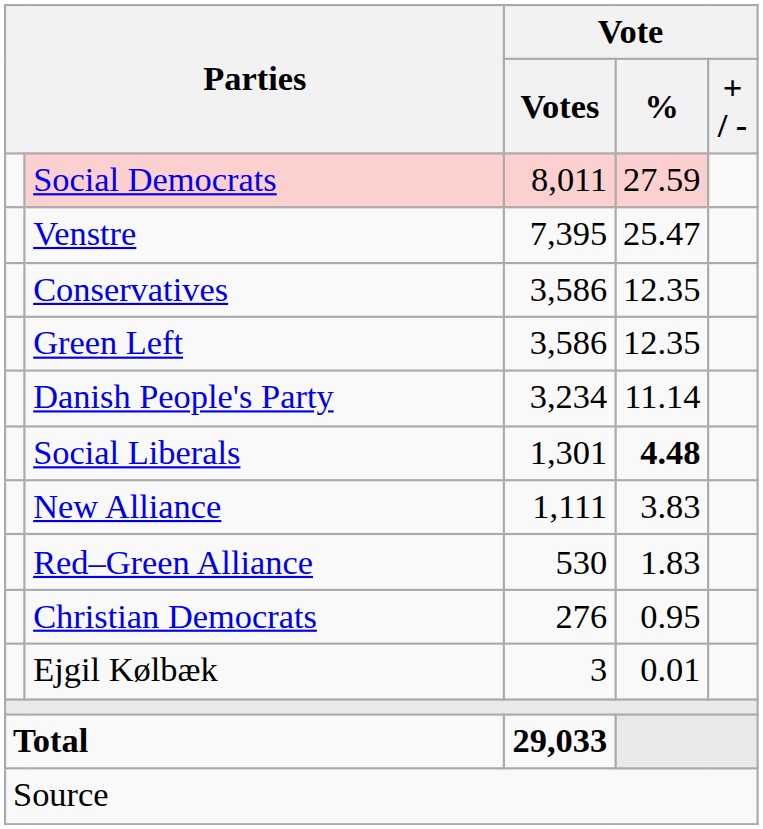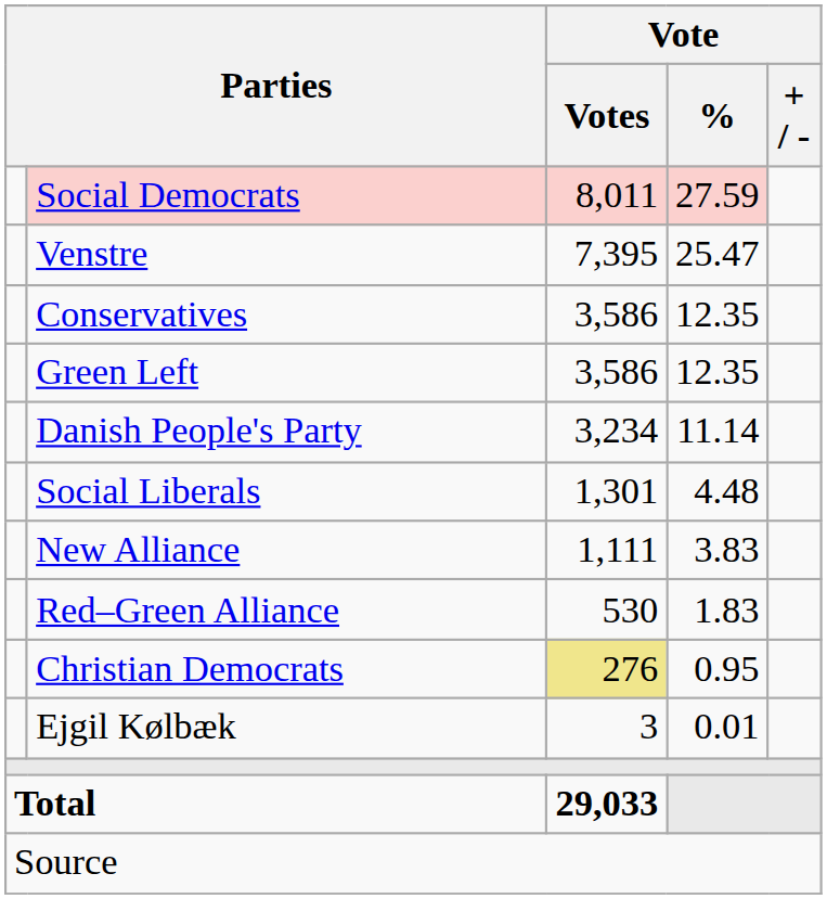 <table class="wikitable" style="text-align:right;">
 <tr>
 <th style="text-align:centre;" rowspan="2" colspan="2" width="225">Parties</th>
 <th colspan="3">Vote</th>
 </tr>
 <tr>
 <th width="15">Votes</th>
 <th width="15">%</th>
 <th width="15">+ / -</th>
 </tr>
 <tr>
 <td width="2" style="color:inherit;background:"></td>
 <td bgcolor=#fbd0ce  align="left"><a href='#'>Social Democrats</a></td>
 <td bgcolor=#fbd0ce>8,011</td>
 <td bgcolor=#fbd0ce>27.59</td>
 <td></td>
 </tr>
 <tr>
 <td width="2" style="color:inherit;background:"></td>
 <td align="left"><a href='#'>Venstre</a></td>
 <td>7,395</td>
 <td>25.47</td>
 <td></td>
 </tr>
 <tr>
 <td width="2" style="color:inherit;background:"></td>
 <td align="left"><a href='#'>Conservatives</a></td>
 <td>3,586</td>
 <td>12.35</td>
 <td></td>
 </tr>
 <tr>
 <td width="2" style="color:inherit;background:"></td>
 <td align="left"><a href='#'>Green Left</a></td>
 <td>3,586</td>
 <td>12.35</td>
 <td></td>
 </tr>
 <tr>
 <td width="2" style="color:inherit;background:"></td>
 <td align="left"><a href='#'>Danish People's Party</a></td>
 <td>3,234</td>
 <td>11.14</td>
 <td></td>
 </tr>
 <tr>
 <td width="2" style="color:inherit;background:"></td>
 <td align="left"><a href='#'>Social Liberals</a></td>
 <td>1,301</td>
-<td><strong>4.48</strong></td>
+<td>4.48</td>
 <td></td>
 </tr>
 <tr>
 <td width="2" style="color:inherit;background:"></td>
 <td align="left"><a href='#'>New Alliance</a></td>
 <td>1,111</td>
 <td>3.83</td>
 <td></td>
 </tr>
 <tr>
 <td width="2" style="color:inherit;background:"></td>
 <td align="left"><a href='#'>Red–Green Alliance</a></td>
 <td>530</td>
 <td>1.83</td>
 <td></td>
 </tr>
 <tr>
 <td width="2" style="color:inherit;background:"></td>
 <td align="left"><a href='#'>Christian Democrats</a></td>
-<td>276</td>
+<td style="background: khaki;">276</td>
 <td>0.95</td>
 <td></td>
 </tr>
 <tr>
 <td width="2" style="color:inherit;background:"></td>
 <td align="left">Ejgil Kølbæk</td>
 <td>3</td>
 <td>0.01</td>
 <td></td>
 </tr>
 <tr>
 <td colspan="7" bgcolor="#E9E9E9"></td>
 </tr>
 <tr>
 <td align="left" colspan="2"><strong>Total</strong></td>
 <td><strong>29,033</strong></td>
 <td bgcolor="#E9E9E9" colspan="2"></td>
 </tr>
 <tr>
 <td align="left" colspan="6">Source</td>
 </tr>
 </table>
